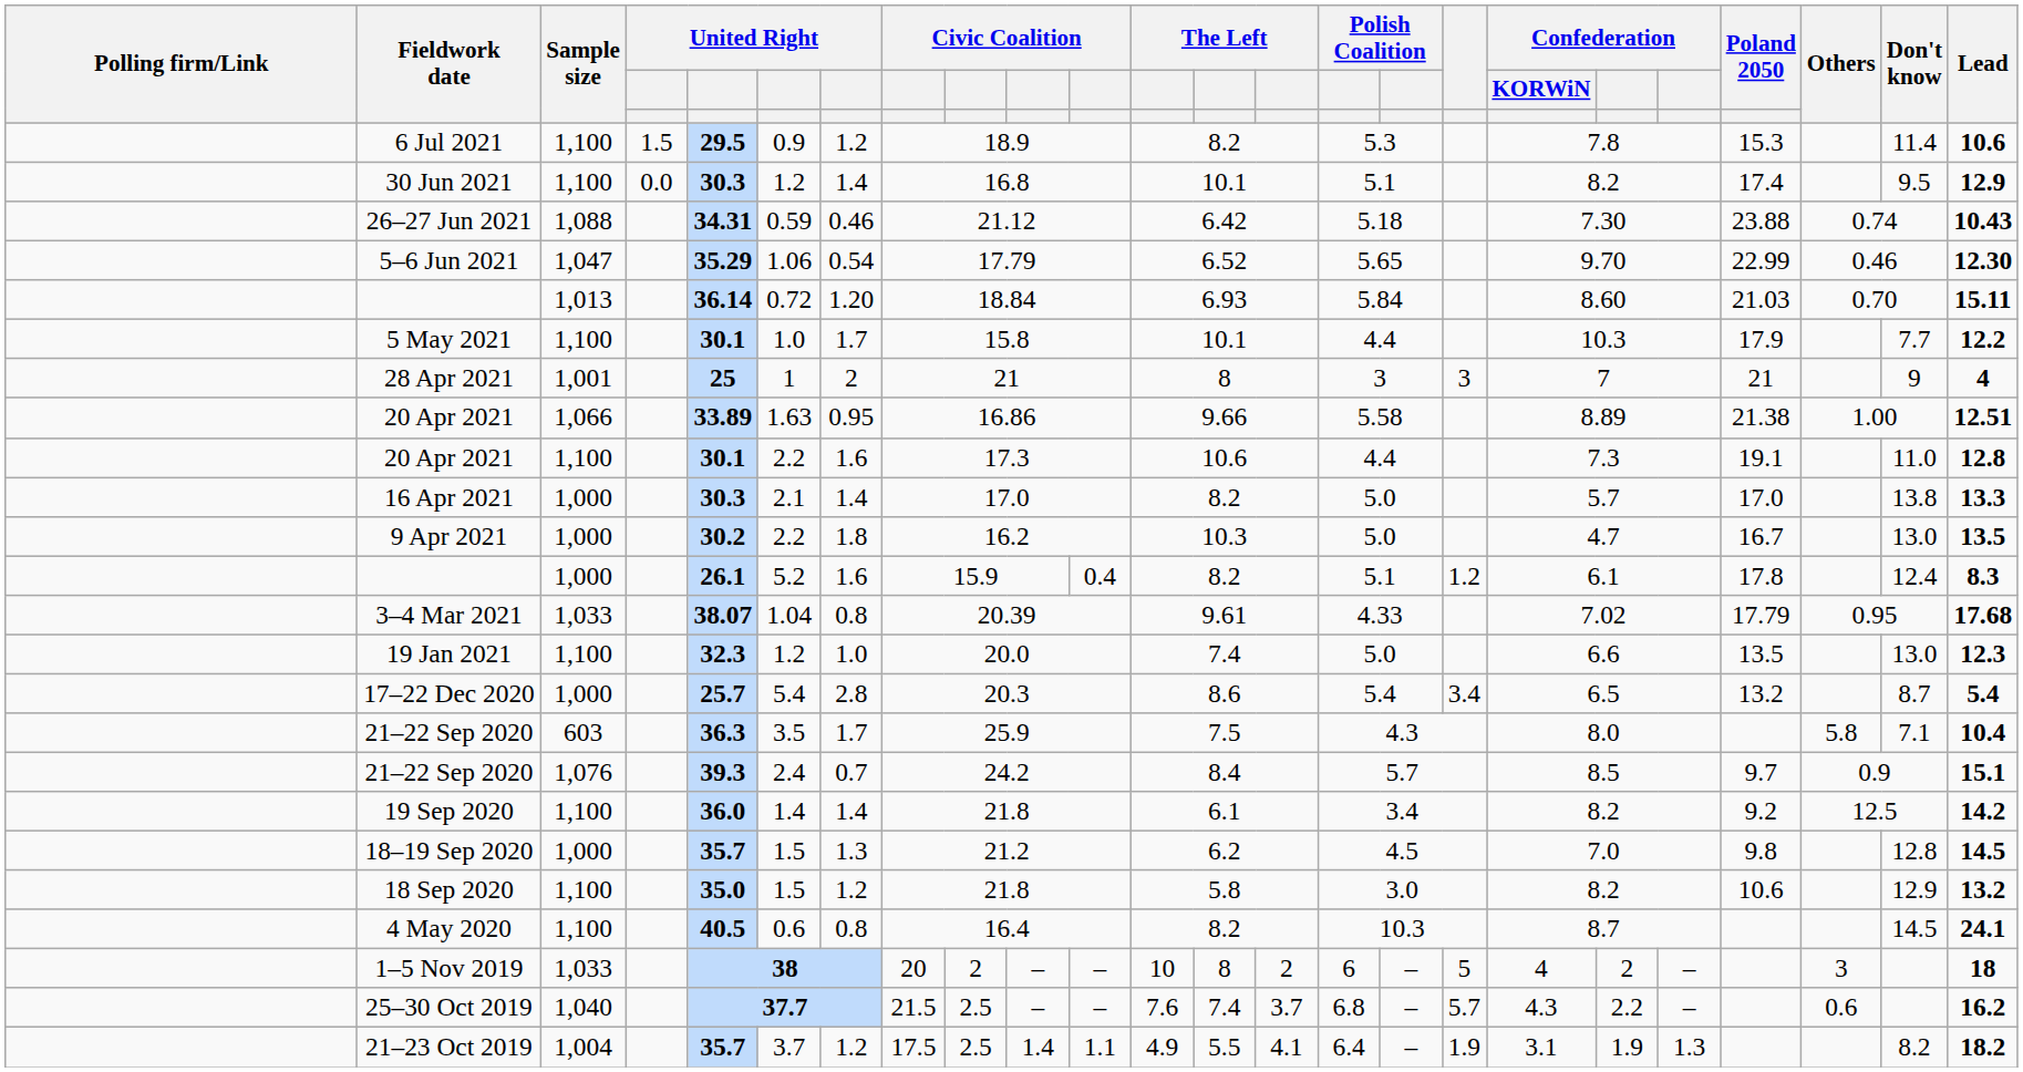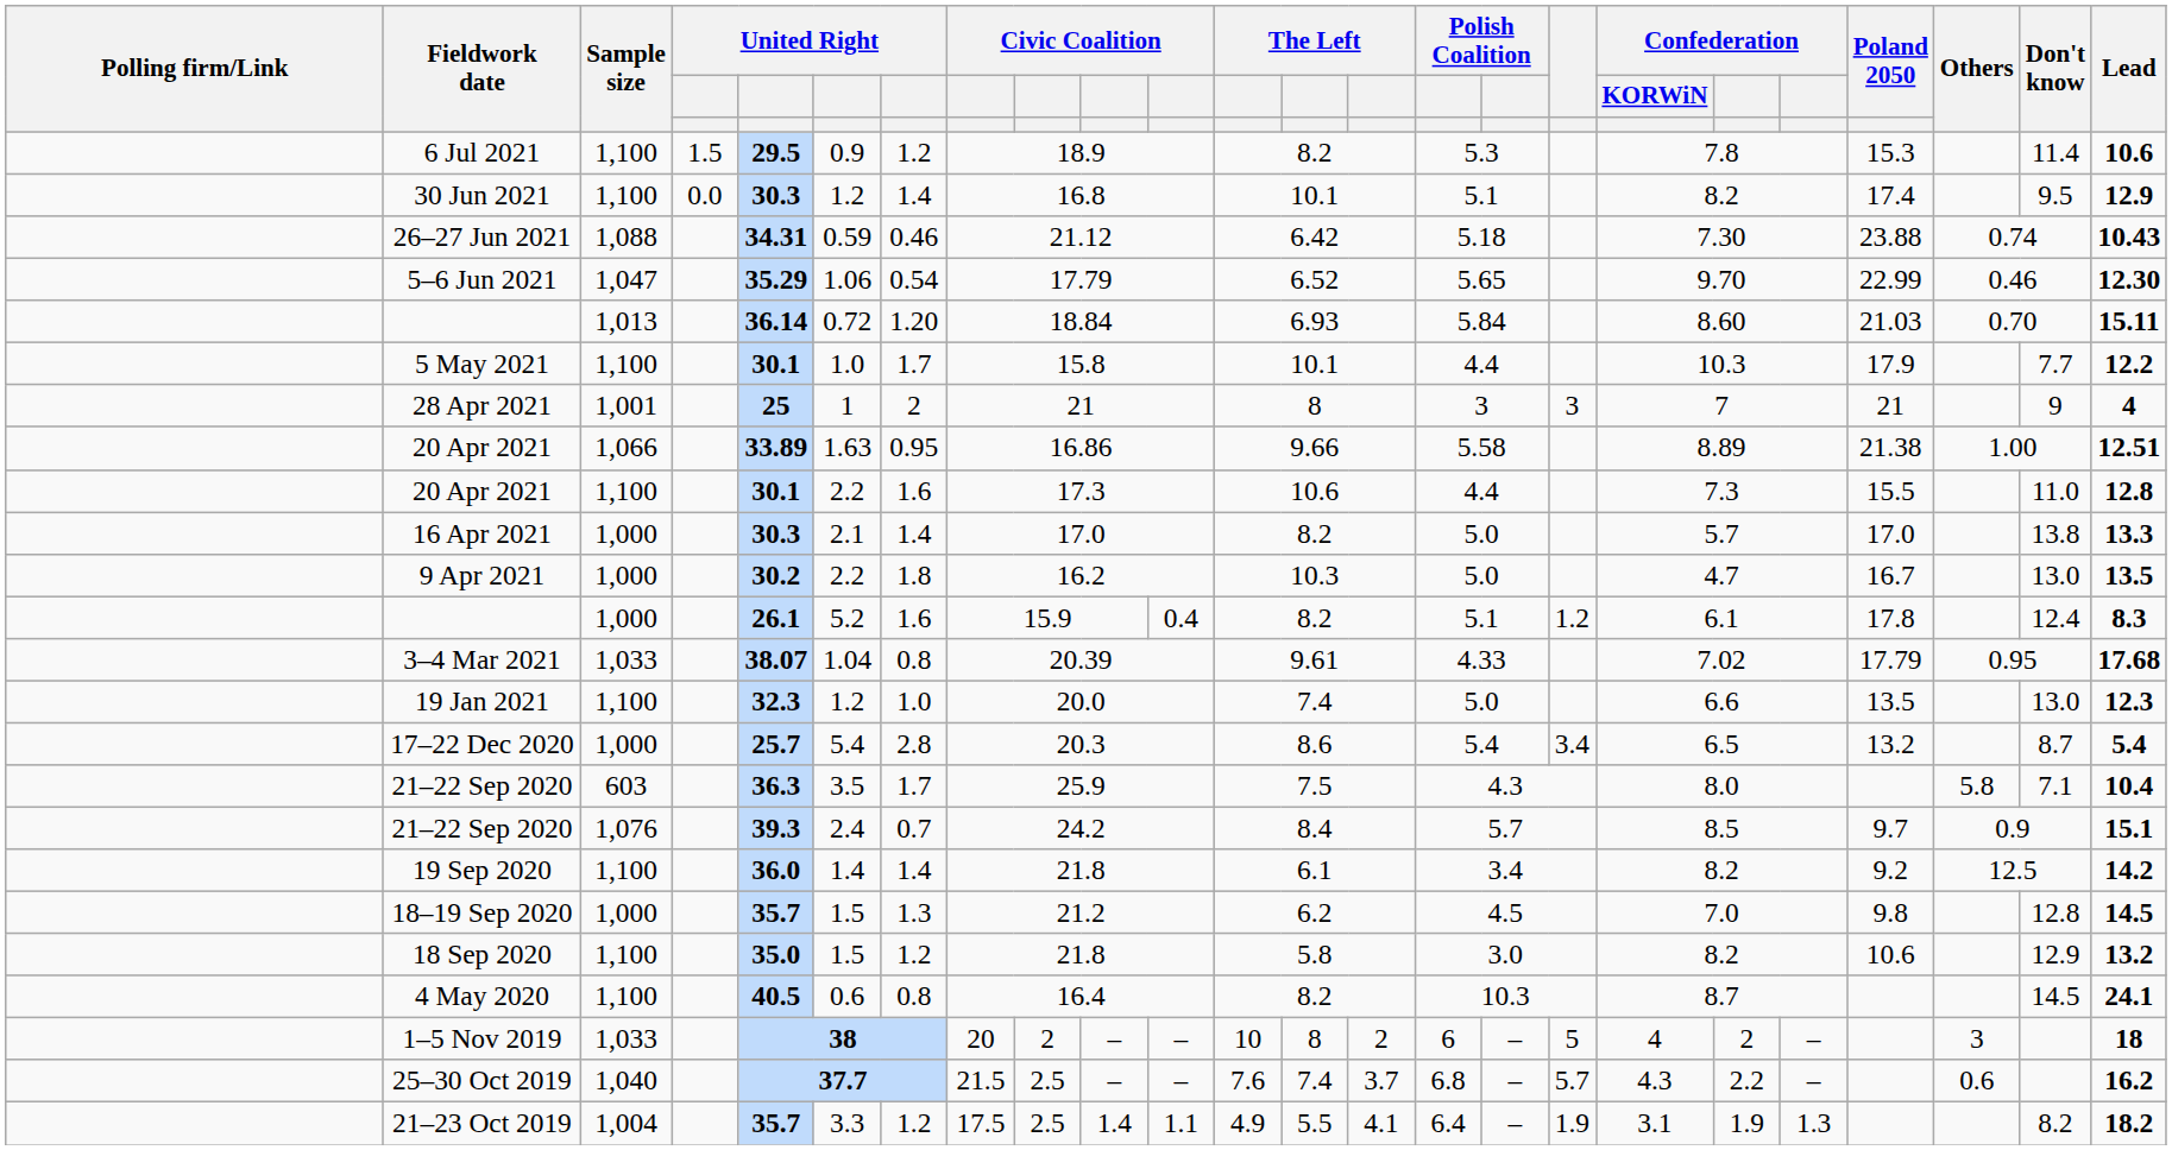 <table class="wikitable sortable collapsible" style="text-align:center; font-size:95%; line-height:16px">
 <tr style="font-weight:bold;font-size:90%;">
 <th rowspan="3" style="width:200px;">Polling firm/Link</th>
 <th rowspan="3" data-sort-type="date">Fieldwork<br>date</th>
 <th rowspan="3" style="width:20px;">Sample<br>size</th>
 <th colspan="4"><a href='#'>United Right</a></th>
 <th colspan="4"><a href='#'>Civic Coalition</a></th>
 <th colspan="3"><a href='#'>The Left</a></th>
 <th colspan="2"><a href='#'>Polish Coalition</a></th>
 <th rowspan="2"><a href='#'></a></th>
 <th colspan="3" class="unsortable"><a href='#'>Confederation</a></th>
 <th rowspan="2" class="unsortable" style="width:30px;"><a href='#'>Poland 2050</a></th>
 <th rowspan="3" class="unsortable" data-sort-type="number" style="width:30px;">Others</th>
 <th rowspan="3" class="unsortable" data-sort-type="number" style="width:30px;">Don't know</th>
 <th rowspan="3" class="unsortable" data-sort-type="number" style="width:30px;">Lead</th>
 </tr>
 <tr style="font-size:90%;">
 <th style="width:30px;" class="unsortable"><a href='#'></a></th>
 <th style="width:30px;" class="unsortable"><a href='#'></a></th>
 <th style="width:30px;" class="unsortable"><a href='#'></a></th>
 <th style="width:30px;" class="unsortable"><a href='#'></a></th>
 <th style="width:30px;" class="unsortable"><a href='#'></a></th>
 <th style="width:30px;" class="unsortable"><a href='#'></a></th>
 <th style="width:30px;" class="unsortable"><a href='#'></a></th>
 <th style="width:30px;" class="unsortable"><a href='#'></a></th>
 <th style="width:30px;" class="unsortable"><a href='#'></a></th>
 <th style="width:30px;" class="unsortable"><a href='#'></a></th>
 <th style="width:30px;" class="unsortable"><a href='#'></a></th>
 <th style="width:30px;" class="unsortable"><a href='#'></a></th>
 <th style="width:30px;" class="unsortable"><a href='#'></a></th>
 <th style="width:30px;" class="unsortable"><a href='#'>KORWiN</a></th>
 <th style="width:30px;" class="unsortable"><a href='#'></a></th>
 <th style="width:30px;" class="unsortable"><a href='#'></a></th>
 </tr>
 <tr>
 <th class="unsortable" data-sort-type="number" style="height:1px; background:"></th>
 <th class="unsortable" data-sort-type="number" style="height:1px; background:"></th>
 <th class="unsortable" data-sort-type="number" style="height:1px; background:"></th>
 <th class="unsortable" data-sort-type="number" style="height:1px; background:"></th>
 <th class="unsortable" data-sort-type="number" style="height:1px; background:"></th>
 <th class="unsortable" data-sort-type="number" style="height:1px; background:"></th>
 <th class="unsortable" data-sort-type="number" style="height:1px; background:"></th>
 <th class="unsortable" data-sort-type="number" style="height:1px; background:"></th>
 <th class="unsortable" data-sort-type="number" style="height:1px; background:"></th>
 <th class="unsortable" data-sort-type="number" style="height:1px; background:"></th>
 <th class="unsortable" data-sort-type="number" style="height:1px; background:"></th>
 <th class="unsortable" data-sort-type="number" style="height:1px; background:"></th>
 <th class="unsortable" data-sort-type="number" style="height:1px; background:"></th>
 <th class="unsortable" data-sort-type="number" style="height:1px; background:"></th>
 <th class="unsortable" data-sort-type="number" style="height:1px; background:"></th>
 <th class="unsortable" data-sort-type="number" style="height:1px; background:"></th>
 <th class="unsortable" data-sort-type="number" style="height:1px; background:"></th>
 <th class="unsortable" data-sort-type="number" style="height:1px; background:"></th>
 </tr>
 <tr>
 <td></td>
 <td data-sort-value="2021-07-06">6 Jul 2021</td>
 <td>1,100</td>
 <td>1.5</td>
 <td style="background:#C0DBFC"><strong>29.5</strong></td>
 <td>0.9</td>
 <td>1.2</td>
 <td colspan="4">18.9</td>
 <td colspan="3">8.2</td>
 <td colspan="2">5.3</td>
 <td></td>
 <td colspan="3">7.8</td>
 <td>15.3</td>
 <td></td>
 <td>11.4</td>
 <td style="background:"><strong>10.6</strong></td>
 </tr>
 <tr>
 <td></td>
 <td data-sort-value="2021-06-30">30 Jun 2021</td>
 <td>1,100</td>
 <td>0.0</td>
 <td style="background:#C0DBFC"><strong>30.3</strong></td>
 <td>1.2</td>
 <td>1.4</td>
 <td colspan="4">16.8</td>
 <td colspan="3">10.1</td>
 <td colspan="2">5.1</td>
 <td></td>
 <td colspan="3">8.2</td>
 <td>17.4</td>
 <td></td>
 <td>9.5</td>
 <td style="background:"><strong>12.9</strong></td>
 </tr>
 <tr>
 <td></td>
 <td data-sort-value="2021-06-27">26–27 Jun 2021</td>
 <td>1,088</td>
 <td></td>
 <td style="background:#C0DBFC;"><strong>34.31</strong></td>
 <td>0.59</td>
 <td>0.46</td>
 <td colspan="4">21.12</td>
 <td colspan="3">6.42</td>
 <td colspan="2">5.18</td>
 <td></td>
 <td colspan="3">7.30</td>
 <td>23.88</td>
 <td colspan="2">0.74</td>
 <td style="background:"><strong>10.43</strong></td>
 </tr>
 <tr>
 <td></td>
 <td data-sort-value="2021-06-06">5–6 Jun 2021</td>
 <td>1,047</td>
 <td></td>
 <td style="background:#C0DBFC;"><strong>35.29</strong></td>
 <td>1.06</td>
 <td>0.54</td>
 <td colspan="4">17.79</td>
 <td colspan="3">6.52</td>
 <td colspan="2">5.65</td>
 <td></td>
 <td colspan="3">9.70</td>
 <td>22.99</td>
 <td colspan="2">0.46</td>
 <td style="background:"><strong>12.30</strong></td>
 </tr>
 <tr>
 <td></td>
 <td data-sort-value="2021-05-20"></td>
 <td>1,013</td>
 <td></td>
 <td style="background:#C0DBFC;"><strong>36.14</strong></td>
 <td>0.72</td>
 <td>1.20</td>
 <td colspan="4">18.84</td>
 <td colspan="3">6.93</td>
 <td colspan="2">5.84</td>
 <td></td>
 <td colspan="3">8.60</td>
 <td>21.03</td>
 <td colspan="2">0.70</td>
 <td style="background:"><strong>15.11</strong></td>
 </tr>
 <tr>
 <td></td>
 <td data-sort-value="2021-05-05">5 May 2021</td>
 <td>1,100</td>
 <td></td>
 <td style="background:#C0DBFC"><strong>30.1</strong></td>
 <td>1.0</td>
 <td>1.7</td>
 <td colspan="4">15.8</td>
 <td colspan="3">10.1</td>
 <td colspan="2">4.4</td>
 <td></td>
 <td colspan="3">10.3</td>
 <td>17.9</td>
 <td></td>
 <td>7.7</td>
 <td style="background:"><strong>12.2</strong></td>
 </tr>
 <tr>
 <td></td>
 <td data-sort-value="2021-04-28">28 Apr 2021</td>
 <td>1,001</td>
 <td></td>
 <td style="background:#C0DBFC"><strong>25</strong></td>
 <td>1</td>
 <td>2</td>
 <td colspan="4">21</td>
 <td colspan="3">8</td>
 <td colspan="2">3</td>
 <td>3</td>
 <td colspan="3">7</td>
 <td>21</td>
 <td></td>
 <td>9</td>
 <td style="background:"><strong>4</strong></td>
 </tr>
 <tr>
 <td></td>
 <td data-sort-value="2021-04-20">20 Apr 2021</td>
 <td>1,066</td>
 <td></td>
 <td style="background:#C0DBFC"><strong>33.89</strong></td>
 <td>1.63</td>
 <td>0.95</td>
 <td colspan="4">16.86</td>
 <td colspan="3">9.66</td>
 <td colspan="2">5.58</td>
 <td></td>
 <td colspan="3">8.89</td>
 <td>21.38</td>
 <td colspan="2">1.00</td>
 <td style="background:"><strong>12.51</strong></td>
 </tr>
 <tr>
 <td></td>
 <td data-sort-value="2021-04-20">20 Apr 2021</td>
 <td>1,100</td>
 <td></td>
 <td style="background:#C0DBFC"><strong>30.1</strong></td>
 <td>2.2</td>
 <td>1.6</td>
 <td colspan="4">17.3</td>
 <td colspan="3">10.6</td>
 <td colspan="2">4.4</td>
 <td></td>
 <td colspan="3">7.3</td>
-<td>19.1</td>
+<td>15.5</td>
 <td></td>
 <td>11.0</td>
 <td style="background:"><strong>12.8</strong></td>
 </tr>
 <tr>
 <td></td>
 <td data-sort-value="2021-04-16">16 Apr 2021</td>
 <td>1,000</td>
 <td></td>
 <td style="background:#C0DBFC"><strong>30.3</strong></td>
 <td>2.1</td>
 <td>1.4</td>
 <td colspan="4">17.0</td>
 <td colspan="3">8.2</td>
 <td colspan="2">5.0</td>
 <td></td>
 <td colspan="3">5.7</td>
 <td>17.0</td>
 <td></td>
 <td>13.8</td>
 <td style="background:"><strong>13.3</strong></td>
 </tr>
 <tr>
 <td></td>
 <td data-sort-value="2021-04-09">9 Apr 2021</td>
 <td>1,000</td>
 <td></td>
 <td style="background:#C0DBFC"><strong>30.2</strong></td>
 <td>2.2</td>
 <td>1.8</td>
 <td colspan="4">16.2</td>
 <td colspan="3">10.3</td>
 <td colspan="2">5.0</td>
 <td></td>
 <td colspan="3">4.7</td>
 <td>16.7</td>
 <td></td>
 <td>13.0</td>
 <td style="background:"><strong>13.5</strong></td>
 </tr>
 <tr>
 <td></td>
 <td data-sort-value="2021-03-30"></td>
 <td>1,000</td>
 <td></td>
 <td style="background:#C0DBFC"><strong>26.1</strong></td>
 <td>5.2</td>
 <td>1.6</td>
 <td colspan="3">15.9</td>
 <td>0.4</td>
 <td colspan="3">8.2</td>
 <td colspan="2">5.1</td>
 <td>1.2</td>
 <td colspan="3">6.1</td>
 <td>17.8</td>
 <td></td>
 <td>12.4</td>
 <td style="background:"><strong>8.3</strong></td>
 </tr>
 <tr>
 <td></td>
 <td data-sort-value="2021-03-04">3–4 Mar 2021</td>
 <td>1,033</td>
 <td></td>
 <td style="background:#C0DBFC"><strong>38.07</strong></td>
 <td>1.04</td>
 <td>0.8</td>
 <td colspan="4">20.39</td>
 <td colspan="3">9.61</td>
 <td colspan="2">4.33</td>
 <td></td>
 <td colspan="3">7.02</td>
 <td>17.79</td>
 <td colspan="2">0.95</td>
 <td style="background:"><strong>17.68</strong></td>
 </tr>
 <tr>
 <td></td>
 <td data-sort-value="2021-01-19">19 Jan 2021</td>
 <td>1,100</td>
 <td></td>
 <td style="background:#C0DBFC"><strong>32.3</strong></td>
 <td>1.2</td>
 <td>1.0</td>
 <td colspan="4">20.0</td>
 <td colspan="3">7.4</td>
 <td colspan="2">5.0</td>
 <td></td>
 <td colspan="3">6.6</td>
 <td>13.5</td>
 <td></td>
 <td>13.0</td>
 <td style="background:"><strong>12.3</strong></td>
 </tr>
 <tr>
 <td></td>
 <td data-sort-value="2020-12-21">17–22 Dec 2020</td>
 <td>1,000</td>
 <td></td>
 <td style="background:#C0DBFC"><strong>25.7</strong></td>
 <td>5.4</td>
 <td>2.8</td>
 <td colspan="4">20.3</td>
 <td colspan="3">8.6</td>
 <td colspan="2">5.4</td>
 <td>3.4</td>
 <td colspan="3">6.5</td>
 <td>13.2</td>
 <td></td>
 <td>8.7</td>
 <td style="background:"><strong>5.4</strong></td>
 </tr>
 <tr>
 <td></td>
 <td data-sort-value="2020-09-22">21–22 Sep 2020</td>
 <td>603</td>
 <td></td>
 <td style="background:#C0DBFC"><strong>36.3</strong></td>
 <td>3.5</td>
 <td>1.7</td>
 <td colspan="4">25.9</td>
 <td colspan="3">7.5</td>
 <td colspan="3">4.3</td>
 <td colspan="3">8.0</td>
 <td></td>
 <td>5.8</td>
 <td>7.1</td>
 <td style="background:"><strong>10.4</strong></td>
 </tr>
 <tr>
 <td></td>
 <td data-sort-value="2020-09-22">21–22 Sep 2020</td>
 <td>1,076</td>
 <td></td>
 <td style="background:#C0DBFC"><strong>39.3</strong></td>
 <td>2.4</td>
 <td>0.7</td>
 <td colspan="4">24.2</td>
 <td colspan="3">8.4</td>
 <td colspan="3">5.7</td>
 <td colspan="3">8.5</td>
 <td>9.7</td>
 <td colspan="2">0.9</td>
 <td style="background:"><strong>15.1</strong></td>
 </tr>
 <tr>
 <td></td>
 <td data-sort-value="2020-09-19">19 Sep 2020</td>
 <td>1,100</td>
 <td></td>
 <td style="background:#C0DBFC"><strong>36.0</strong></td>
 <td>1.4</td>
 <td>1.4</td>
 <td colspan="4">21.8</td>
 <td colspan="3">6.1</td>
 <td colspan="3">3.4</td>
 <td colspan="3">8.2</td>
 <td>9.2</td>
 <td colspan="2">12.5</td>
 <td style="background:"><strong>14.2</strong></td>
 </tr>
 <tr>
 <td></td>
 <td data-sort-value="2020-09-19">18–19 Sep 2020</td>
 <td>1,000</td>
 <td></td>
 <td style="background:#C0DBFC"><strong>35.7</strong></td>
 <td>1.5</td>
 <td>1.3</td>
 <td colspan="4">21.2</td>
 <td colspan="3">6.2</td>
 <td colspan="3">4.5</td>
 <td colspan="3">7.0</td>
 <td>9.8</td>
 <td></td>
 <td>12.8</td>
 <td style="background:"><strong>14.5</strong></td>
 </tr>
 <tr>
 <td></td>
 <td data-sort-value="2020-09-18">18 Sep 2020</td>
 <td>1,100</td>
 <td></td>
 <td style="background:#C0DBFC"><strong>35.0</strong></td>
 <td>1.5</td>
 <td>1.2</td>
 <td colspan="4">21.8</td>
 <td colspan="3">5.8</td>
 <td colspan="3">3.0</td>
 <td colspan="3">8.2</td>
 <td>10.6</td>
 <td></td>
 <td>12.9</td>
 <td style="background:"><strong>13.2</strong></td>
 </tr>
 <tr>
 <td></td>
 <td data-sort-value="2020-05-04">4 May 2020</td>
 <td>1,100</td>
 <td></td>
 <td style="background:#C0DBFC"><strong>40.5</strong></td>
 <td>0.6</td>
 <td>0.8</td>
 <td colspan="4">16.4</td>
 <td colspan="3">8.2</td>
 <td colspan="3">10.3</td>
 <td colspan="3">8.7</td>
 <td></td>
 <td></td>
 <td>14.5</td>
 <td style="background:"><strong>24.1</strong></td>
 </tr>
 <tr>
 <td></td>
 <td data-sort-value="2019-11-05">1–5 Nov 2019</td>
 <td>1,033</td>
 <td></td>
 <td colspan="3" style="background:#C0DBFC"><strong>38</strong></td>
 <td>20</td>
 <td>2</td>
 <td>–</td>
 <td>–</td>
 <td>10</td>
 <td>8</td>
 <td>2</td>
 <td>6</td>
 <td>–</td>
 <td>5</td>
 <td>4</td>
 <td>2</td>
 <td>–</td>
 <td></td>
 <td>3</td>
 <td></td>
 <td style="background:"><strong>18</strong></td>
 </tr>
 <tr>
 <td></td>
 <td data-sort-value="2019-10-30">25–30 Oct 2019</td>
 <td>1,040</td>
 <td></td>
 <td colspan="3" style="background:#C0DBFC"><strong>37.7</strong></td>
 <td>21.5</td>
 <td>2.5</td>
 <td>–</td>
 <td>–</td>
 <td>7.6</td>
 <td>7.4</td>
 <td>3.7</td>
 <td>6.8</td>
 <td>–</td>
 <td>5.7</td>
 <td>4.3</td>
 <td>2.2</td>
 <td>–</td>
 <td></td>
 <td>0.6</td>
 <td></td>
 <td style="background:"><strong>16.2</strong></td>
 </tr>
 <tr>
 <td></td>
 <td data-sort-value="2019-10-23">21–23 Oct 2019</td>
 <td>1,004</td>
 <td></td>
 <td style="background:#C0DBFC"><strong>35.7</strong></td>
-<td>3.7</td>
+<td>3.3</td>
 <td>1.2</td>
 <td>17.5</td>
 <td>2.5</td>
 <td>1.4</td>
 <td>1.1</td>
 <td>4.9</td>
 <td>5.5</td>
 <td>4.1</td>
 <td>6.4</td>
 <td>–</td>
 <td>1.9</td>
 <td>3.1</td>
 <td>1.9</td>
 <td>1.3</td>
 <td></td>
 <td></td>
 <td>8.2</td>
 <td style="background:"><strong>18.2</strong></td>
 </tr>
 </table>
